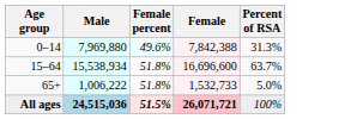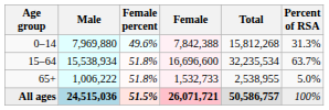 <table class="wikitable">
 <tr>
 <th style="width:70px;">Age group</th>
 <th style="width:80px;">Male</th>
 <th style="width:30px">Female percent</th>
 <th style="width:80px;">Female</th>
+<th style="width:80px;">Total</th>
 <th style="width:50px;">Percent of RSA</th>
 </tr>
 <tr style="text-align:right;">
 <td>0–14</td>
 <td style="background:lightcyan">7,969,880</td>
 <td style="background:azure"><em>49.6%</em></td>
 <td style="background:lavenderblush">7,842,388</td>
+<td>15,812,268</td>
 <td>31.3%</td>
 </tr>
 <tr style="text-align:right;">
 <td>15–64</td>
 <td style="background:lightcyan">15,538,934</td>
 <td style="background:snow"><em>51.8%</em></td>
 <td style="background:lavenderblush">16,696,600</td>
+<td>32,235,534</td>
 <td>63.7%</td>
 </tr>
 <tr style="text-align:right;">
 <td>65+</td>
 <td style="background:lightcyan">1,006,222</td>
 <td style="background:snow"><em>51.8%</em></td>
 <td style="background:lavenderblush">1,532,733</td>
+<td>2,538,955</td>
 <td>5.0%</td>
 </tr>
 <tr style="text-align:right;">
 <td style="background:#eee"><strong>All ages</strong></td>
 <td style="background:lightblue"><strong>24,515,036</strong></td>
 <td style="background:mistyrose"><strong><em>51.5%</em></strong></td>
 <td style="background:pink"><strong>26,071,721</strong></td>
+<td style="background:#ddd"><strong>50,586,757</strong></td>
 <td style="background:#eee"><em>100%</em></td>
 </tr>
 </table>
